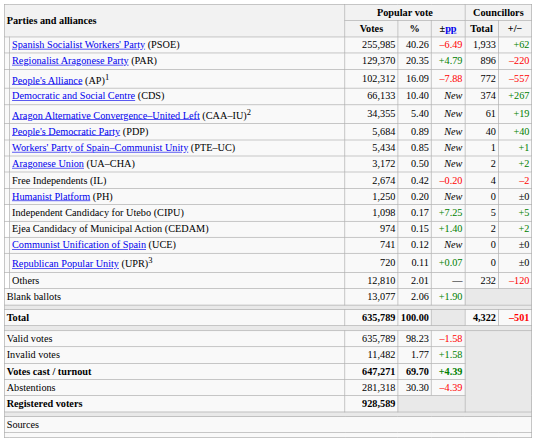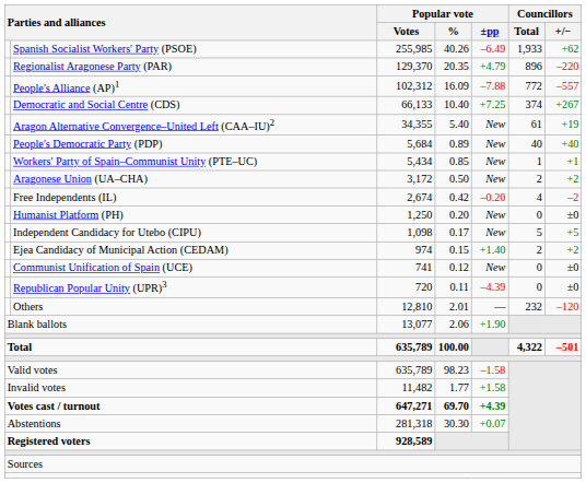 <table class="wikitable" style="text-align:right;">
 <tr>
 <th style="text-align:left;" rowspan="2" colspan="2" width="525">Parties and alliances</th>
 <th colspan="3">Popular vote</th>
 <th colspan="2">Councillors</th>
 </tr>
 <tr>
 <th width="75">Votes</th>
 <th width="45">%</th>
 <th width="45">±<a href='#'>pp</a></th>
 <th width="45">Total</th>
 <th width="45">+/−</th>
 </tr>
 <tr>
 <td width="1" style="color:inherit;background:"></td>
 <td align="left"><a href='#'>Spanish Socialist Workers' Party</a> (PSOE)</td>
 <td>255,985</td>
 <td>40.26</td>
 <td style="color:red;">–6.49</td>
 <td>1,933</td>
 <td style="color:green;">+62</td>
 </tr>
 <tr>
 <td style="color:inherit;background:"></td>
 <td align="left"><a href='#'>Regionalist Aragonese Party</a> (PAR)</td>
 <td>129,370</td>
 <td>20.35</td>
 <td style="color:green;">+4.79</td>
 <td>896</td>
 <td style="color:red;">–220</td>
 </tr>
 <tr>
 <td style="color:inherit;background:"></td>
 <td align="left"><a href='#'>People's Alliance</a> (AP)<sup>1</sup></td>
 <td>102,312</td>
 <td>16.09</td>
 <td style="color:red;">–7.88</td>
 <td>772</td>
 <td style="color:red;">–557</td>
 </tr>
 <tr>
 <td style="color:inherit;background:"></td>
 <td align="left"><a href='#'>Democratic and Social Centre</a> (CDS)</td>
 <td>66,133</td>
 <td>10.40</td>
-<td><em>New</em></td>
+<td style="color:green;">+7.25</td>
 <td>374</td>
 <td style="color:green;">+267</td>
 </tr>
 <tr>
 <td style="color:inherit;background:"></td>
 <td align="left"><a href='#'>Aragon Alternative Convergence–United Left</a> (CAA–IU)<sup>2</sup></td>
 <td>34,355</td>
 <td>5.40</td>
 <td><em>New</em></td>
 <td>61</td>
 <td style="color:green;">+19</td>
 </tr>
 <tr>
 <td style="color:inherit;background:"></td>
 <td align="left"><a href='#'>People's Democratic Party</a> (PDP)</td>
 <td>5,684</td>
 <td>0.89</td>
 <td><em>New</em></td>
 <td>40</td>
 <td style="color:green;">+40</td>
 </tr>
 <tr>
 <td style="color:inherit;background:"></td>
 <td align="left"><a href='#'>Workers' Party of Spain–Communist Unity</a> (PTE–UC)</td>
 <td>5,434</td>
 <td>0.85</td>
 <td><em>New</em></td>
 <td>1</td>
 <td style="color:green;">+1</td>
 </tr>
 <tr>
 <td style="color:inherit;background:"></td>
 <td align="left"><a href='#'>Aragonese Union</a> (UA–CHA)</td>
 <td>3,172</td>
 <td>0.50</td>
 <td><em>New</em></td>
 <td>2</td>
 <td style="color:green;">+2</td>
 </tr>
 <tr>
 <td style="color:inherit;background:"></td>
 <td align="left">Free Independents (IL)</td>
 <td>2,674</td>
 <td>0.42</td>
 <td style="color:red;">–0.20</td>
 <td>4</td>
 <td style="color:red;">–2</td>
 </tr>
 <tr>
 <td style="color:inherit;background:"></td>
 <td align="left"><a href='#'>Humanist Platform</a> (PH)</td>
 <td>1,250</td>
 <td>0.20</td>
 <td><em>New</em></td>
 <td>0</td>
 <td>±0</td>
 </tr>
 <tr>
 <td bgcolor="white"></td>
 <td align="left">Independent Candidacy for Utebo (CIPU)</td>
 <td>1,098</td>
 <td>0.17</td>
-<td style="color:green;">+7.25</td>
+<td><em>New</em></td>
 <td>5</td>
 <td style="color:green;">+5</td>
 </tr>
 <tr>
 <td bgcolor="white"></td>
 <td align="left">Ejea Candidacy of Municipal Action (CEDAM)</td>
 <td>974</td>
 <td>0.15</td>
 <td style="color:green;">+1.40</td>
 <td>2</td>
 <td style="color:green;">+2</td>
 </tr>
 <tr>
 <td style="color:inherit;background:"></td>
 <td align="left"><a href='#'>Communist Unification of Spain</a> (UCE)</td>
 <td>741</td>
 <td>0.12</td>
 <td><em>New</em></td>
 <td>0</td>
 <td>±0</td>
 </tr>
 <tr>
 <td style="color:inherit;background:"></td>
 <td align="left"><a href='#'>Republican Popular Unity</a> (UPR)<sup>3</sup></td>
 <td>720</td>
 <td>0.11</td>
-<td style="color:green;">+0.07</td>
+<td style="color:red;">–4.39</td>
 <td>0</td>
 <td>±0</td>
 </tr>
 <tr>
 <td bgcolor="white"></td>
 <td align="left">Others</td>
 <td>12,810</td>
 <td>2.01</td>
 <td>—</td>
 <td>232</td>
 <td style="color:red;">–120</td>
 </tr>
 <tr>
 <td align="left" colspan="2">Blank ballots</td>
 <td>13,077</td>
 <td>2.06</td>
 <td style="color:green;">+1.90</td>
 <td bgcolor="#E9E9E9" colspan="2"></td>
 </tr>
 <tr>
 <td colspan="7" bgcolor="#E9E9E9"></td>
 </tr>
 <tr style="font-weight:bold;">
 <td align="left" colspan="2">Total</td>
 <td>635,789</td>
 <td>100.00</td>
 <td bgcolor="#E9E9E9"></td>
 <td>4,322</td>
 <td style="color:red;">–501</td>
 </tr>
 <tr>
 <td colspan="7" bgcolor="#E9E9E9"></td>
 </tr>
 <tr>
 <td align="left" colspan="2">Valid votes</td>
 <td>635,789</td>
 <td>98.23</td>
 <td style="color:red;">–1.58</td>
 <td bgcolor="#E9E9E9" colspan="2" rowspan="5"></td>
 </tr>
 <tr>
 <td align="left" colspan="2">Invalid votes</td>
 <td>11,482</td>
 <td>1.77</td>
 <td style="color:green;">+1.58</td>
 </tr>
 <tr style="font-weight:bold;">
 <td align="left" colspan="2">Votes cast / turnout</td>
 <td>647,271</td>
 <td>69.70</td>
 <td style="color:green;">+4.39</td>
 </tr>
 <tr>
 <td align="left" colspan="2">Abstentions</td>
 <td>281,318</td>
 <td>30.30</td>
-<td style="color:red;">–4.39</td>
+<td style="color:green;">+0.07</td>
 </tr>
 <tr style="font-weight:bold;">
 <td align="left" colspan="2">Registered voters</td>
 <td>928,589</td>
 <td bgcolor="#E9E9E9" colspan="2"></td>
 </tr>
 <tr>
 <td colspan="7" bgcolor="#E9E9E9"></td>
 </tr>
 <tr>
 <td align="left" colspan="7">Sources</td>
 </tr>
 <tr>
 <td colspan="7" style="text-align:left; max-width:790px;"></td>
 </tr>
 </table>
